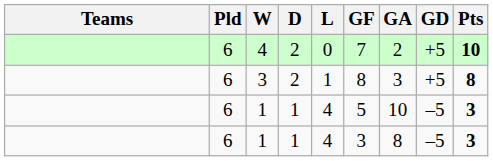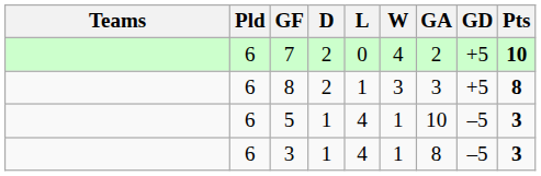 <table class="wikitable" style="text-align: center;">
 <tr>
 <th width=165>Teams</th>
 <th width=20>Pld</th>
-<th width=20>W</th>
+<th width=20>GF</th>
 <th width=20>D</th>
 <th width=20>L</th>
-<th width=20>GF</th>
+<th width=20>W</th>
 <th width=20>GA</th>
 <th width=20>GD</th>
 <th width=20>Pts</th>
 </tr>
 <tr align=center style="background:#ccffcc;">
 <td style="text-align:left;"></td>
 <td>6</td>
-<td>4</td>
+<td>7</td>
 <td>2</td>
 <td>0</td>
-<td>7</td>
+<td>4</td>
 <td>2</td>
 <td>+5</td>
 <td><strong>10</strong></td>
 </tr>
 <tr align=center>
 <td style="text-align:left;"></td>
 <td>6</td>
-<td>3</td>
+<td>8</td>
 <td>2</td>
 <td>1</td>
-<td>8</td>
+<td>3</td>
 <td>3</td>
 <td>+5</td>
 <td><strong>8</strong></td>
 </tr>
 <tr align=center>
 <td style="text-align:left;"></td>
 <td>6</td>
-<td>1</td>
+<td>5</td>
 <td>1</td>
 <td>4</td>
-<td>5</td>
+<td>1</td>
 <td>10</td>
 <td>–5</td>
 <td><strong>3</strong></td>
 </tr>
 <tr align=center>
 <td style="text-align:left;"></td>
 <td>6</td>
-<td>1</td>
+<td>3</td>
 <td>1</td>
 <td>4</td>
-<td>3</td>
+<td>1</td>
 <td>8</td>
 <td>–5</td>
 <td><strong>3</strong></td>
 </tr>
 </table>
